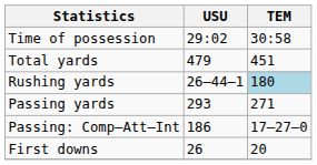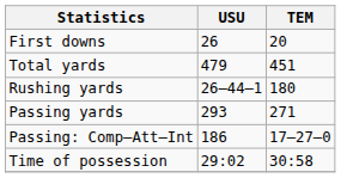 <table class="wikitable" style="float: left;">
 <tr>
 <th>Statistics</th>
 <th>USU</th>
 <th>TEM</th>
 </tr>
 <tr>
-<td>Time of possession</td>
-<td>29:02</td>
-<td>30:58</td>
+<td>First downs</td>
+<td>26</td>
+<td>20</td>
 </tr>
 <tr>
 <td>Total yards</td>
 <td>479</td>
 <td>451</td>
 </tr>
 <tr>
 <td>Rushing yards</td>
 <td>26–44–1</td>
-<td style="background: lightblue;">180</td>
+<td>180</td>
 </tr>
 <tr>
 <td>Passing yards</td>
 <td>293</td>
 <td>271</td>
 </tr>
 <tr>
 <td>Passing: Comp–Att–Int</td>
 <td>186</td>
 <td>17–27–0</td>
 </tr>
 <tr>
-<td>First downs</td>
-<td>26</td>
-<td>20</td>
+<td>Time of possession</td>
+<td>29:02</td>
+<td>30:58</td>
 </tr>
 <tr>
 </tr>
 </table>
